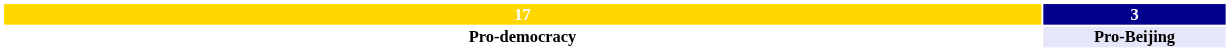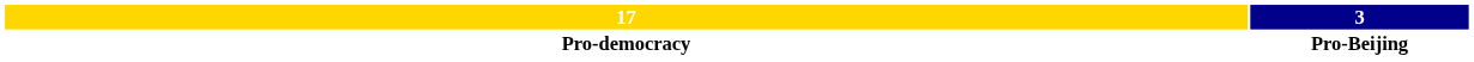 <table style="width:60%; text-align:center;">
 <tr style="color:white;">
 <td style="background:gold; width:85%;"><strong>17</strong></td>
 <td style="background:darkblue; width:15%;"><strong>3</strong></td>
 </tr>
 <tr>
 <td><span><strong>Pro-democracy</strong></span></td>
-<td style="background: lavender;"><span><strong>Pro-Beijing</strong></span></td>
+<td><span><strong>Pro-Beijing</strong></span></td>
 </tr>
 </table>
